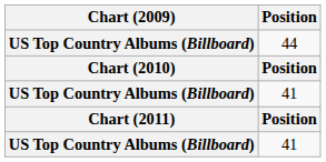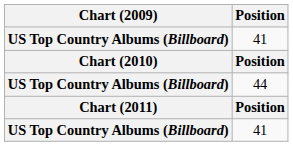 <table class="wikitable plainrowheaders" style="text-align:center">
 <tr>
 <th scope="col">Chart (2009)</th>
 <th scope="col">Position</th>
 </tr>
 <tr>
 <th scope="row">US Top Country Albums (<em>Billboard</em>)</th>
-<td>44</td>
+<td>41</td>
 </tr>
 <tr>
 <th scope="col">Chart (2010)</th>
 <th scope="col">Position</th>
 </tr>
 <tr>
 <th scope="row">US Top Country Albums (<em>Billboard</em>)</th>
-<td>41</td>
+<td>44</td>
 </tr>
 <tr>
 <th scope="col">Chart (2011)</th>
 <th scope="col">Position</th>
 </tr>
 <tr>
 <th scope="row">US Top Country Albums (<em>Billboard</em>)</th>
 <td>41</td>
 </tr>
 </table>
